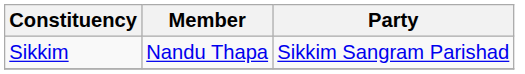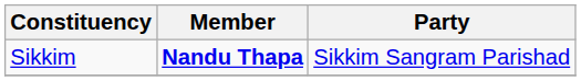 <table class="wikitable sortable">
 <tr>
 <th>Constituency</th>
 <th>Member</th>
 <th>Party</th>
 </tr>
 <tr>
 <td><a href='#'>Sikkim</a></td>
-<td><a href='#'>Nandu Thapa</a></td>
+<td><strong><a href='#'>Nandu Thapa</a></strong></td>
 <td><a href='#'>Sikkim Sangram Parishad</a></td>
 </tr>
 <tr>
 </tr>
 </table>
